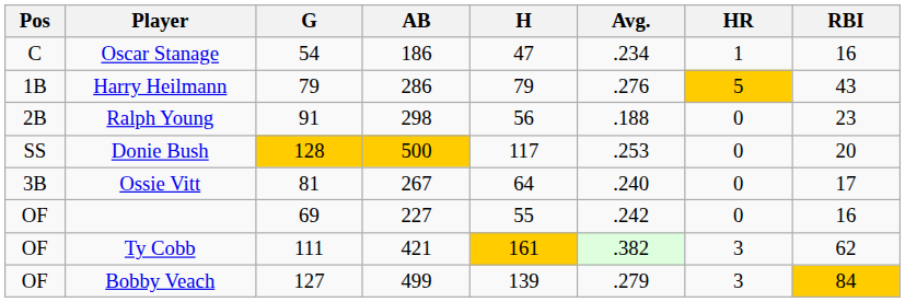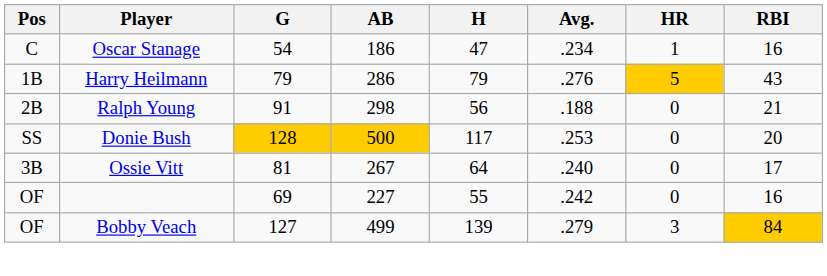 <table class="wikitable sortable">
 <tr>
 <th bgcolor="#DDDDFF" width="5%">Pos</th>
 <th bgcolor="#DDDDFF" width="16%">Player</th>
 <th bgcolor="#DDDDFF" width="9%">G</th>
 <th bgcolor="#DDDDFF" width="9%">AB</th>
 <th bgcolor="#DDDDFF" width="9%">H</th>
 <th bgcolor="#DDDDFF" width="9%">Avg.</th>
 <th bgcolor="#DDDDFF" width="9%">HR</th>
 <th bgcolor="#DDDDFF" width="9%">RBI</th>
 </tr>
 <tr align="center">
 <td>C</td>
 <td><a href='#'>Oscar Stanage</a></td>
 <td>54</td>
 <td>186</td>
 <td>47</td>
 <td>.234</td>
 <td>1</td>
 <td>16</td>
 </tr>
 <tr align=center>
 <td>1B</td>
 <td><a href='#'>Harry Heilmann</a></td>
 <td>79</td>
 <td>286</td>
 <td>79</td>
 <td>.276</td>
 <td style="background:#fc0;">5</td>
 <td>43</td>
 </tr>
 <tr align=center>
 <td>2B</td>
 <td><a href='#'>Ralph Young</a></td>
 <td>91</td>
 <td>298</td>
 <td>56</td>
 <td>.188</td>
 <td>0</td>
-<td>23</td>
+<td>21</td>
 </tr>
 <tr align=center>
 <td>SS</td>
 <td><a href='#'>Donie Bush</a></td>
 <td style="background:#fc0;">128</td>
 <td style="background:#fc0;">500</td>
 <td>117</td>
 <td>.253</td>
 <td>0</td>
 <td>20</td>
 </tr>
 <tr align=center>
 <td>3B</td>
 <td><a href='#'>Ossie Vitt</a></td>
 <td>81</td>
 <td>267</td>
 <td>64</td>
 <td>.240</td>
 <td>0</td>
 <td>17</td>
 </tr>
 <tr align=center>
 <td>OF</td>
 <td></td>
 <td>69</td>
 <td>227</td>
 <td>55</td>
 <td>.242</td>
 <td>0</td>
 <td>16</td>
 </tr>
-<tr align="center">
-<td>OF</td>
-<td><a href='#'>Ty Cobb</a></td>
-<td>111</td>
-<td>421</td>
-<td style="background:#fc0;">161</td>
-<td style="background:#DDFFDD;">.382</td>
-<td>3</td>
-<td>62</td>
-</tr>
 <tr align=center>
 <td>OF</td>
 <td><a href='#'>Bobby Veach</a></td>
 <td>127</td>
 <td>499</td>
 <td>139</td>
 <td>.279</td>
 <td>3</td>
 <td style="background:#fc0;">84</td>
 </tr>
 </table>
